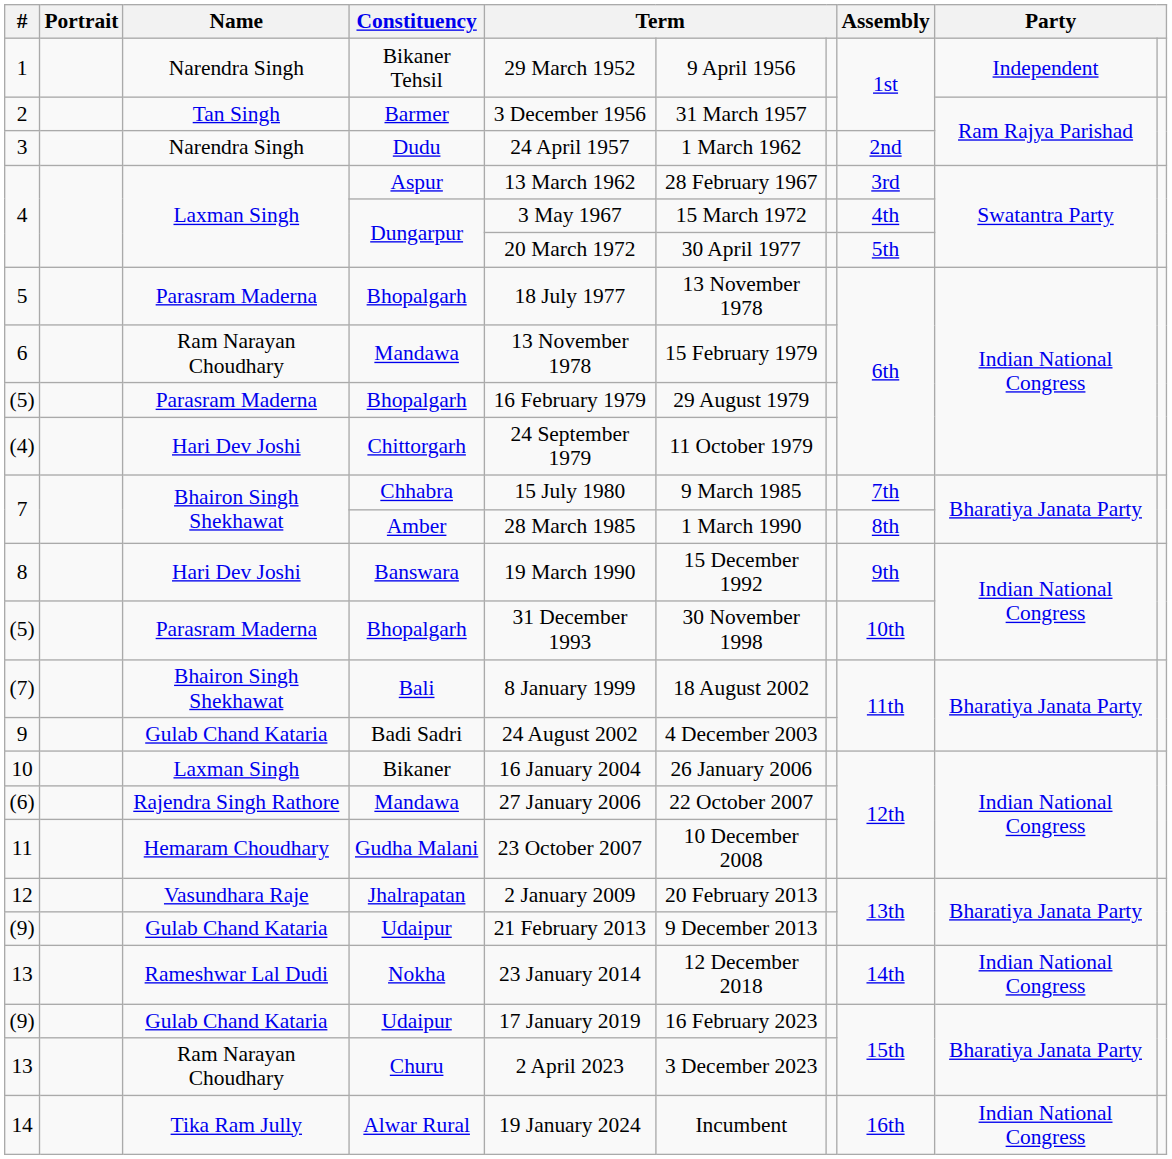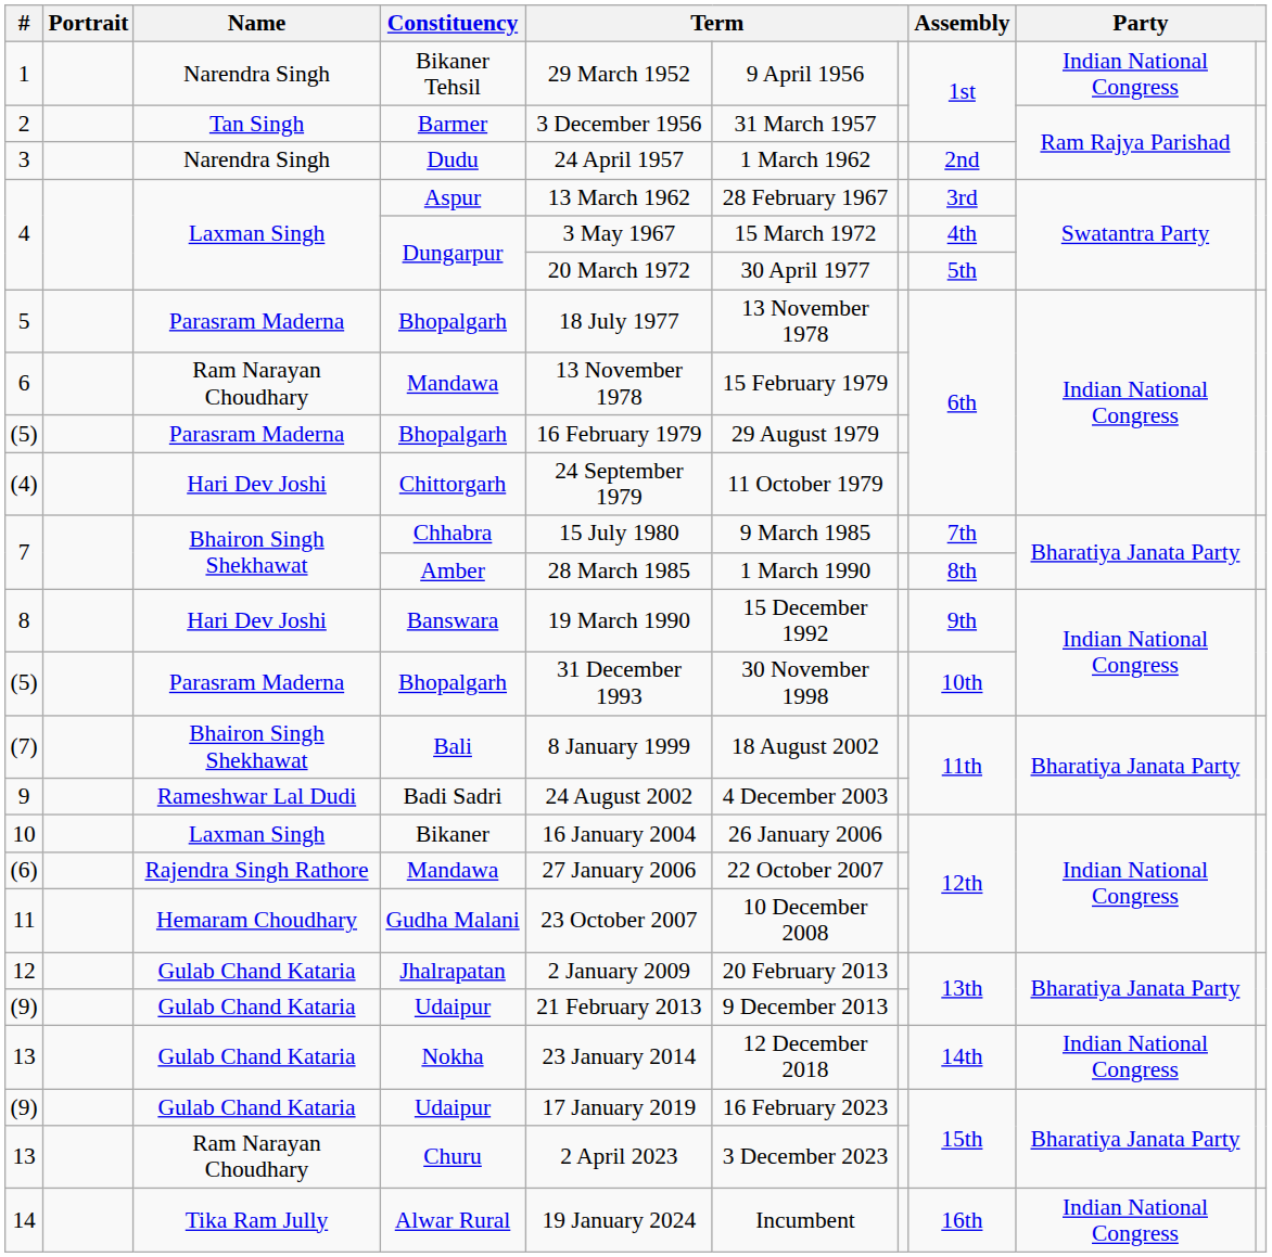 <table class="wikitable" style=text-align:center>
 <tr>
 <th>#</th>
 <th>Portrait</th>
 <th>Name</th>
 <th><a href='#'>Constituency</a></th>
 <th colspan="3">Term</th>
 <th>Assembly</th>
 <th colspan="2">Party</th>
 </tr>
 <tr>
 <td>1</td>
 <td></td>
 <td>Narendra Singh</td>
 <td>Bikaner Tehsil</td>
 <td>29 March 1952</td>
 <td>9 April 1956</td>
 <td></td>
 <td rowspan="2"><a href='#'>1st</a></td>
-<td><a href='#'>Independent</a></td>
+<td><a href='#'>Indian National Congress</a></td>
 <td style="background-color: "></td>
 </tr>
 <tr>
 <td>2</td>
 <td></td>
 <td><a href='#'>Tan Singh</a></td>
 <td><a href='#'>Barmer</a></td>
 <td>3 December 1956</td>
 <td>31 March 1957</td>
 <td></td>
 <td rowspan="2"><a href='#'>Ram Rajya Parishad</a></td>
 <td rowspan="2" style="background-color: "></td>
 </tr>
 <tr>
 <td>3</td>
 <td></td>
 <td>Narendra Singh</td>
 <td><a href='#'>Dudu</a></td>
 <td>24 April 1957</td>
 <td>1 March 1962</td>
 <td></td>
 <td><a href='#'>2nd</a></td>
 </tr>
 <tr>
 <td rowspan="3">4</td>
 <td rowspan="3"></td>
 <td rowspan="3"><a href='#'>Laxman Singh</a></td>
 <td><a href='#'>Aspur</a></td>
 <td>13 March 1962</td>
 <td>28 February 1967</td>
 <td></td>
 <td><a href='#'>3rd</a></td>
 <td rowspan="3"><a href='#'>Swatantra Party</a></td>
 <td rowspan="3" style="background-color: "></td>
 </tr>
 <tr>
 <td rowspan="2"><a href='#'>Dungarpur</a></td>
 <td>3 May 1967</td>
 <td>15 March 1972</td>
 <td></td>
 <td><a href='#'>4th</a></td>
 </tr>
 <tr>
 <td>20 March 1972</td>
 <td>30 April 1977</td>
 <td></td>
 <td><a href='#'>5th</a></td>
 </tr>
 <tr>
 <td>5</td>
 <td></td>
 <td><a href='#'>Parasram Maderna</a></td>
 <td><a href='#'>Bhopalgarh</a></td>
 <td>18 July 1977</td>
 <td>13 November 1978</td>
 <td></td>
 <td rowspan="4"><a href='#'>6th</a></td>
 <td rowspan="4"><a href='#'>Indian National Congress</a></td>
 <td rowspan="4" style="background-color: "></td>
 </tr>
 <tr>
 <td>6</td>
 <td></td>
 <td>Ram Narayan Choudhary</td>
 <td><a href='#'>Mandawa</a></td>
 <td>13 November 1978</td>
 <td>15 February 1979</td>
 <td></td>
 </tr>
 <tr>
 <td>(5)</td>
 <td></td>
 <td><a href='#'>Parasram Maderna</a></td>
 <td><a href='#'>Bhopalgarh</a></td>
 <td>16 February 1979</td>
 <td>29 August 1979</td>
 <td></td>
 </tr>
 <tr>
 <td>(4)</td>
 <td></td>
 <td><a href='#'>Hari Dev Joshi</a></td>
 <td><a href='#'>Chittorgarh</a></td>
 <td>24 September 1979</td>
 <td>11 October 1979</td>
 <td></td>
 </tr>
 <tr>
 <td rowspan="2">7</td>
 <td rowspan="2"></td>
 <td rowspan="2"><a href='#'>Bhairon Singh Shekhawat</a></td>
 <td><a href='#'>Chhabra</a></td>
 <td>15 July 1980</td>
 <td>9 March 1985</td>
 <td></td>
 <td><a href='#'>7th</a></td>
 <td rowspan="2"><a href='#'>Bharatiya Janata Party</a></td>
 <td rowspan="2" style="background-color: "></td>
 </tr>
 <tr>
 <td><a href='#'>Amber</a></td>
 <td>28 March 1985</td>
 <td>1 March 1990</td>
 <td></td>
 <td><a href='#'>8th</a></td>
 </tr>
 <tr>
 <td>8</td>
 <td></td>
 <td><a href='#'>Hari Dev Joshi</a></td>
 <td><a href='#'>Banswara</a></td>
 <td>19 March 1990</td>
 <td>15 December 1992</td>
 <td></td>
 <td><a href='#'>9th</a></td>
 <td rowspan="2"><a href='#'>Indian National Congress</a></td>
 <td rowspan="2" style="background-color: "></td>
 </tr>
 <tr>
 <td>(5)</td>
 <td></td>
 <td><a href='#'>Parasram Maderna</a></td>
 <td><a href='#'>Bhopalgarh</a></td>
 <td>31 December 1993</td>
 <td>30 November 1998</td>
 <td></td>
 <td><a href='#'>10th</a></td>
 </tr>
 <tr>
 <td>(7)</td>
 <td></td>
 <td><a href='#'>Bhairon Singh Shekhawat</a></td>
 <td><a href='#'>Bali</a></td>
 <td>8 January 1999</td>
 <td>18 August 2002</td>
 <td></td>
 <td rowspan="2"><a href='#'>11th</a></td>
 <td rowspan="2"><a href='#'>Bharatiya Janata Party</a></td>
 <td rowspan="2" style="background-color: "></td>
 </tr>
 <tr>
 <td>9</td>
 <td></td>
-<td><a href='#'>Gulab Chand Kataria</a></td>
+<td><a href='#'>Rameshwar Lal Dudi</a></td>
 <td>Badi Sadri</td>
 <td>24 August 2002</td>
 <td>4 December 2003</td>
 <td></td>
 </tr>
 <tr>
 <td>10</td>
 <td></td>
 <td><a href='#'>Laxman Singh</a></td>
 <td>Bikaner</td>
 <td>16 January 2004</td>
 <td>26 January 2006</td>
 <td></td>
 <td rowspan="3"><a href='#'>12th</a></td>
 <td rowspan="3"><a href='#'>Indian National Congress</a></td>
 <td rowspan="3" style="background-color: "></td>
 </tr>
 <tr>
 <td>(6)</td>
 <td></td>
 <td><a href='#'>Rajendra Singh Rathore</a></td>
 <td><a href='#'>Mandawa</a></td>
 <td>27 January 2006</td>
 <td>22 October 2007</td>
 <td></td>
 </tr>
 <tr>
 <td>11</td>
 <td></td>
 <td><a href='#'>Hemaram Choudhary</a></td>
 <td><a href='#'>Gudha Malani</a></td>
 <td>23 October 2007</td>
 <td>10 December 2008</td>
 <td></td>
 </tr>
 <tr>
 <td>12</td>
 <td></td>
-<td><a href='#'>Vasundhara Raje</a></td>
+<td><a href='#'>Gulab Chand Kataria</a></td>
 <td><a href='#'>Jhalrapatan</a></td>
 <td>2 January 2009</td>
 <td>20 February 2013</td>
 <td></td>
 <td rowspan="2"><a href='#'>13th</a></td>
 <td rowspan="2"><a href='#'>Bharatiya Janata Party</a></td>
 <td rowspan="2" style="background-color: "></td>
 </tr>
 <tr>
 <td>(9)</td>
 <td></td>
 <td><a href='#'>Gulab Chand Kataria</a></td>
 <td><a href='#'>Udaipur</a></td>
 <td>21 February 2013</td>
 <td>9 December 2013</td>
 <td></td>
 </tr>
 <tr>
 <td>13</td>
 <td></td>
-<td><a href='#'>Rameshwar Lal Dudi</a></td>
+<td><a href='#'>Gulab Chand Kataria</a></td>
 <td><a href='#'>Nokha</a></td>
 <td>23 January 2014</td>
 <td>12 December 2018</td>
 <td></td>
 <td><a href='#'>14th</a></td>
 <td><a href='#'>Indian National Congress</a></td>
 <td style="background-color: "></td>
 </tr>
 <tr>
 <td>(9)</td>
 <td></td>
 <td><a href='#'>Gulab Chand Kataria</a></td>
 <td><a href='#'>Udaipur</a></td>
 <td>17 January 2019</td>
 <td>16 February 2023</td>
 <td></td>
 <td rowspan="2"><a href='#'>15th</a></td>
 <td rowspan="2"><a href='#'>Bharatiya Janata Party</a></td>
 <td rowspan="2" style="background-color: "></td>
 </tr>
 <tr>
 <td>13</td>
 <td></td>
 <td>Ram Narayan Choudhary</td>
 <td><a href='#'>Churu</a></td>
 <td>2 April 2023</td>
 <td>3 December 2023</td>
 <td></td>
 </tr>
 <tr>
 <td>14</td>
 <td></td>
 <td><a href='#'>Tika Ram Jully</a></td>
 <td><a href='#'>Alwar Rural</a></td>
 <td>19 January 2024</td>
 <td>Incumbent</td>
 <td></td>
 <td rowspan="1"><a href='#'>16th</a></td>
 <td rowspan="2"><a href='#'>Indian National Congress</a></td>
 <td style="background-color: "></td>
 </tr>
 </table>
